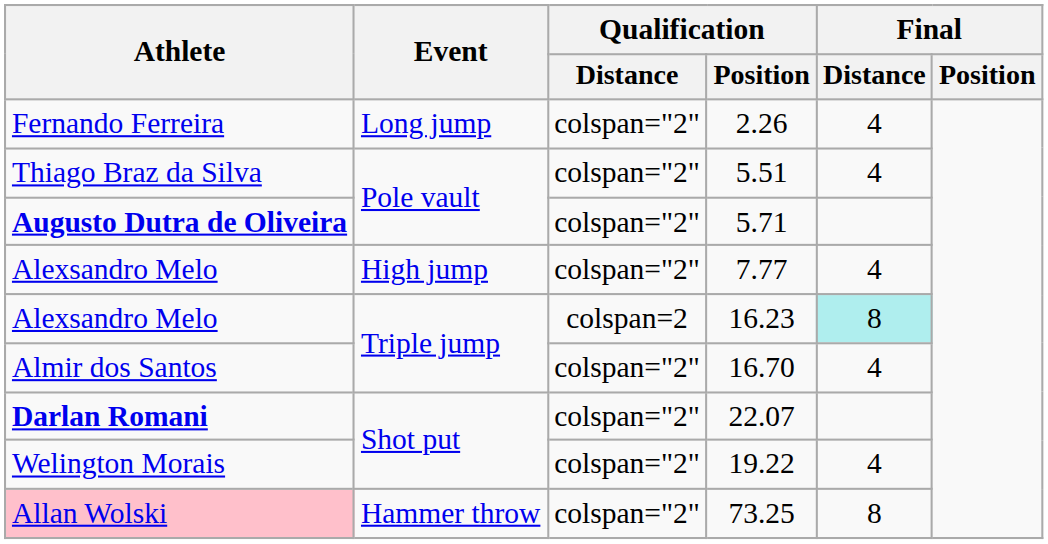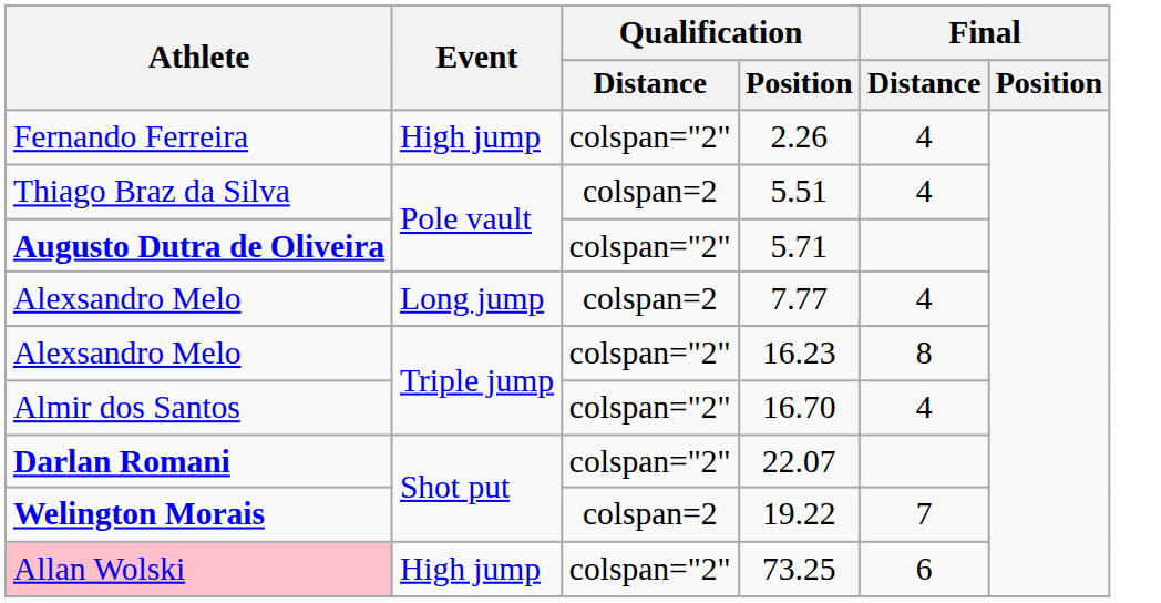 <table class=wikitable style="font-size:90%">
 <tr>
 <th rowspan="2">Athlete</th>
 <th rowspan="2">Event</th>
 <th colspan="2">Qualification</th>
 <th colspan="2">Final</th>
 </tr>
 <tr style="font-size:95%">
 <th>Distance</th>
 <th>Position</th>
 <th>Distance</th>
 <th>Position</th>
 </tr>
 <tr align=center>
 <td align=left><a href='#'>Fernando Ferreira</a></td>
-<td align=left rowspan=1><a href='#'>Long jump</a></td>
+<td align=left rowspan=1><a href='#'>High jump</a></td>
 <td>colspan="2" </td>
 <td>2.26</td>
 <td>4</td>
 </tr>
 <tr align=center>
 <td align=left><a href='#'>Thiago Braz da Silva</a></td>
 <td align=left rowspan=2><a href='#'>Pole vault</a></td>
-<td>colspan="2" </td>
+<td>colspan=2 </td>
 <td>5.51</td>
 <td>4</td>
 </tr>
 <tr align=center>
 <td align=left><strong><a href='#'>Augusto Dutra de Oliveira</a></strong></td>
 <td>colspan="2" </td>
 <td>5.71</td>
 <td></td>
 </tr>
 <tr align=center>
 <td align=left><a href='#'>Alexsandro Melo</a></td>
-<td align=left rowspan=1><a href='#'>High jump</a></td>
-<td>colspan="2" </td>
+<td align=left rowspan=1><a href='#'>Long jump</a></td>
+<td>colspan=2 </td>
 <td>7.77</td>
 <td>4</td>
 </tr>
 <tr align=center>
 <td align=left><a href='#'>Alexsandro Melo</a></td>
 <td align=left rowspan=2><a href='#'>Triple jump</a></td>
-<td>colspan=2 </td>
+<td>colspan="2" </td>
 <td>16.23</td>
-<td style="background: paleturquoise;">8</td>
+<td>8</td>
 </tr>
 <tr align=center>
 <td align=left><a href='#'>Almir dos Santos</a></td>
 <td>colspan="2" </td>
 <td>16.70</td>
 <td>4</td>
 </tr>
 <tr align=center>
 <td align=left><strong><a href='#'>Darlan Romani</a></strong></td>
 <td align=left rowspan=2><a href='#'>Shot put</a></td>
 <td>colspan="2" </td>
 <td>22.07</td>
 <td></td>
 </tr>
 <tr align=center>
-<td align=left><a href='#'>Welington Morais</a></td>
-<td>colspan="2" </td>
+<td align=left><strong><a href='#'>Welington Morais</a></strong></td>
+<td>colspan=2 </td>
 <td>19.22</td>
-<td>4</td>
+<td>7</td>
 </tr>
 <tr align=center>
 <td align=left style="background: pink;"><a href='#'>Allan Wolski</a></td>
-<td align=left rowspan=1><a href='#'>Hammer throw</a></td>
+<td align=left rowspan=1><a href='#'>High jump</a></td>
 <td>colspan="2" </td>
 <td>73.25</td>
-<td>8</td>
+<td>6</td>
 </tr>
 </table>
